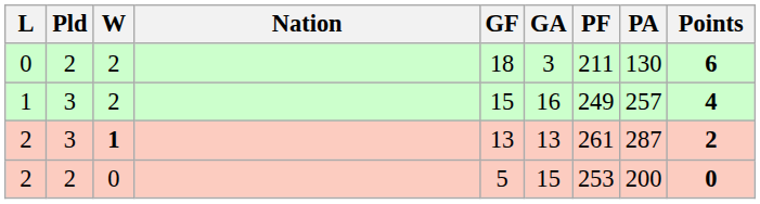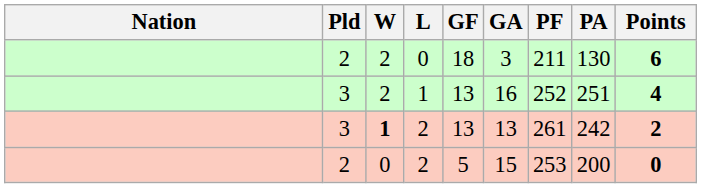 <table class=wikitable style="text-align:center">
 <tr>
-<th width=20>L</th>
+<th width=220>Nation</th>
 <th width=20>Pld</th>
 <th width=20>W</th>
-<th width=220>Nation</th>
+<th width=20>L</th>
 <th width=20>GF</th>
 <th width=20>GA</th>
 <th width=20>PF</th>
 <th width=20>PA</th>
 <th width=50>Points</th>
 </tr>
 <tr bgcolor="#ccffcc">
-<td>0</td>
+<td align=left></td>
 <td>2</td>
 <td>2</td>
-<td align=left></td>
+<td>0</td>
 <td>18</td>
 <td>3</td>
 <td>211</td>
 <td>130</td>
 <td><strong>6</strong></td>
 </tr>
 <tr bgcolor="#ccffcc">
-<td>1</td>
+<td align=left></td>
 <td>3</td>
 <td>2</td>
-<td align=left></td>
-<td>15</td>
+<td>1</td>
+<td>13</td>
 <td>16</td>
-<td>249</td>
-<td>257</td>
+<td>252</td>
+<td>251</td>
 <td><strong>4</strong></td>
 </tr>
 <tr bgcolor="#fcccc">
-<td>2</td>
+<td align=left></td>
 <td>3</td>
 <td><strong>1</strong></td>
-<td align=left></td>
+<td>2</td>
 <td>13</td>
 <td>13</td>
 <td>261</td>
-<td>287</td>
+<td>242</td>
 <td><strong>2</strong></td>
 </tr>
 <tr bgcolor="#fcccc">
-<td>2</td>
+<td align=left></td>
 <td>2</td>
 <td>0</td>
-<td align=left></td>
+<td>2</td>
 <td>5</td>
 <td>15</td>
 <td>253</td>
 <td>200</td>
 <td><strong>0</strong></td>
 </tr>
 </table>
